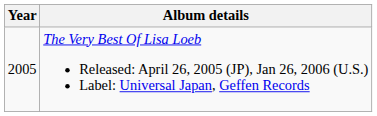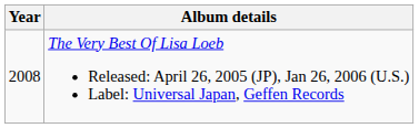 <table class="wikitable" style="text-align:center;">
 <tr>
 <th>Year</th>
 <th>Album details</th>
 </tr>
 <tr>
-<td>2005</td>
+<td>2008</td>
 <td align="left"><em><a href='#'>The Very Best Of Lisa Loeb</a></em><br><ul><li>Released: April 26, 2005 (JP), Jan 26, 2006 (U.S.)</li><li>Label: <a href='#'>Universal Japan</a>, <a href='#'>Geffen Records</a></li></ul></td>
 </tr>
 </table>
